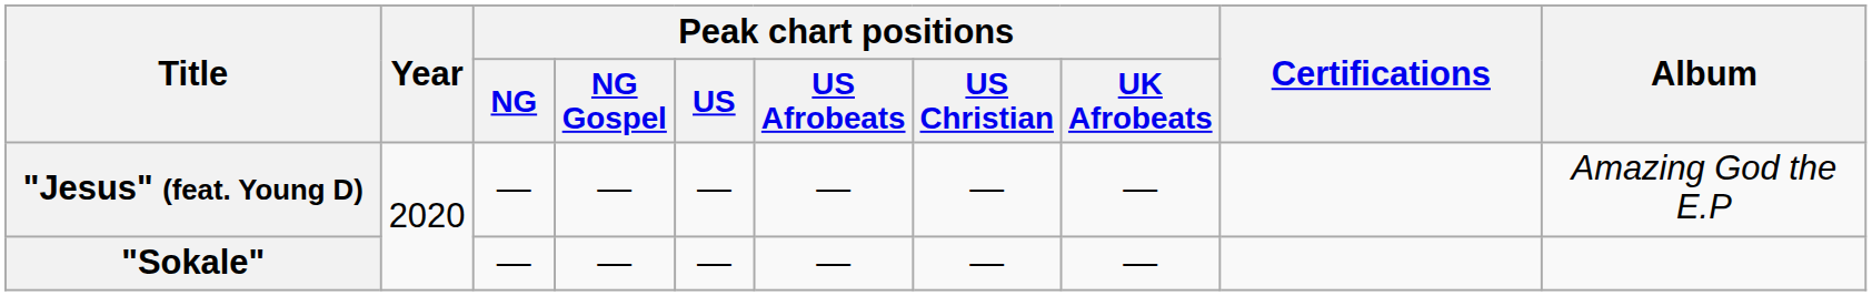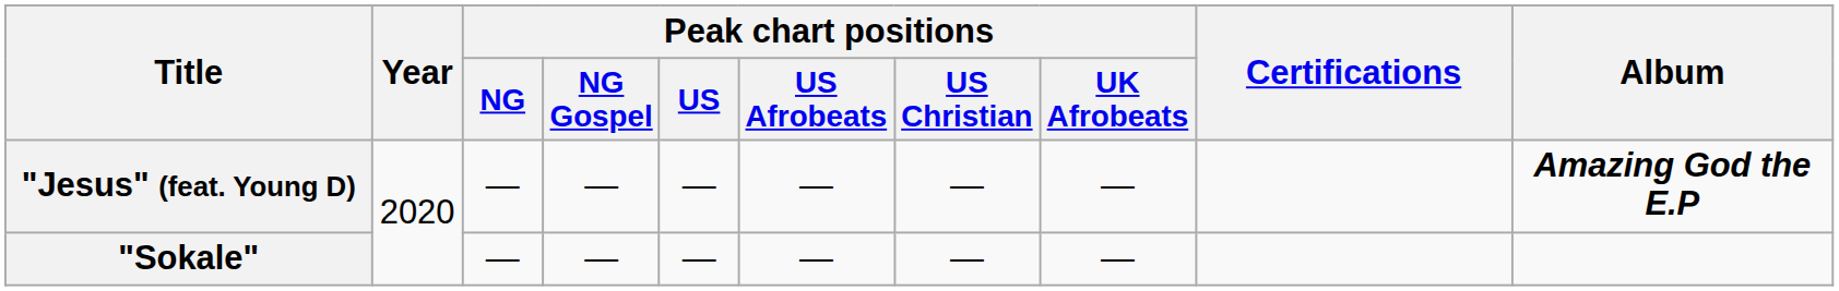 <table class="wikitable plainrowheaders" style="text-align:center;">
 <tr>
 <th scope="col" rowspan="2" style="width:18em;">Title</th>
 <th scope="col" rowspan="2" style="width:1em;">Year</th>
 <th colspan="6" scope="col">Peak chart positions</th>
 <th scope="col" rowspan="2" style="width:12em;"><a href='#'>Certifications</a></th>
 <th scope="col" rowspan="2" style="width:15em;">Album</th>
 </tr>
 <tr>
 <th scope="col" style="width:3em;font-size:90%;"><a href='#'>NG</a><br></th>
 <th scope="col" style="width:3em;font-size:90%;"><a href='#'>NG<br>Gospel</a></th>
 <th scope="col" style="width:3em;font-size:90%;"><a href='#'>US</a></th>
 <th scope="col" style="width:3em;font-size:90%;"><a href='#'>US<br>Afrobeats</a></th>
 <th scope="col" style="width:3em;font-size:90%;"><a href='#'>US<br>Christian</a></th>
 <th scope="col" style="width:3em;font-size:90%;"><a href='#'>UK<br>Afrobeats</a></th>
 </tr>
 <tr>
 <th scope="row">"Jesus" <small>(feat. Young D)</small></th>
 <td rowspan="2">2020</td>
 <td>—</td>
 <td>—</td>
 <td>—</td>
 <td>—</td>
 <td>—</td>
 <td>—</td>
 <td></td>
-<td><em>Amazing God the E.P</em></td>
+<td><strong><em>Amazing God the E.P</em></strong></td>
 </tr>
 <tr>
 <th scope="row">"Sokale"</th>
 <td>—</td>
 <td>—</td>
 <td>—</td>
 <td>—</td>
 <td>—</td>
 <td>—</td>
 <td></td>
 <td></td>
 </tr>
 </table>
